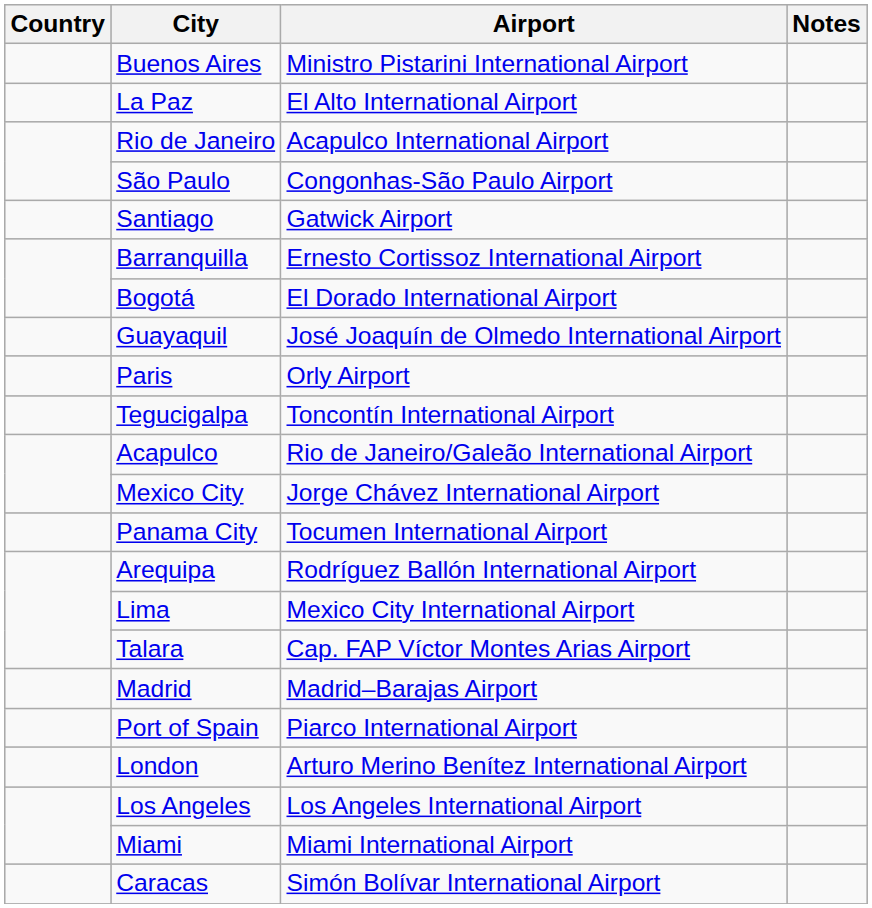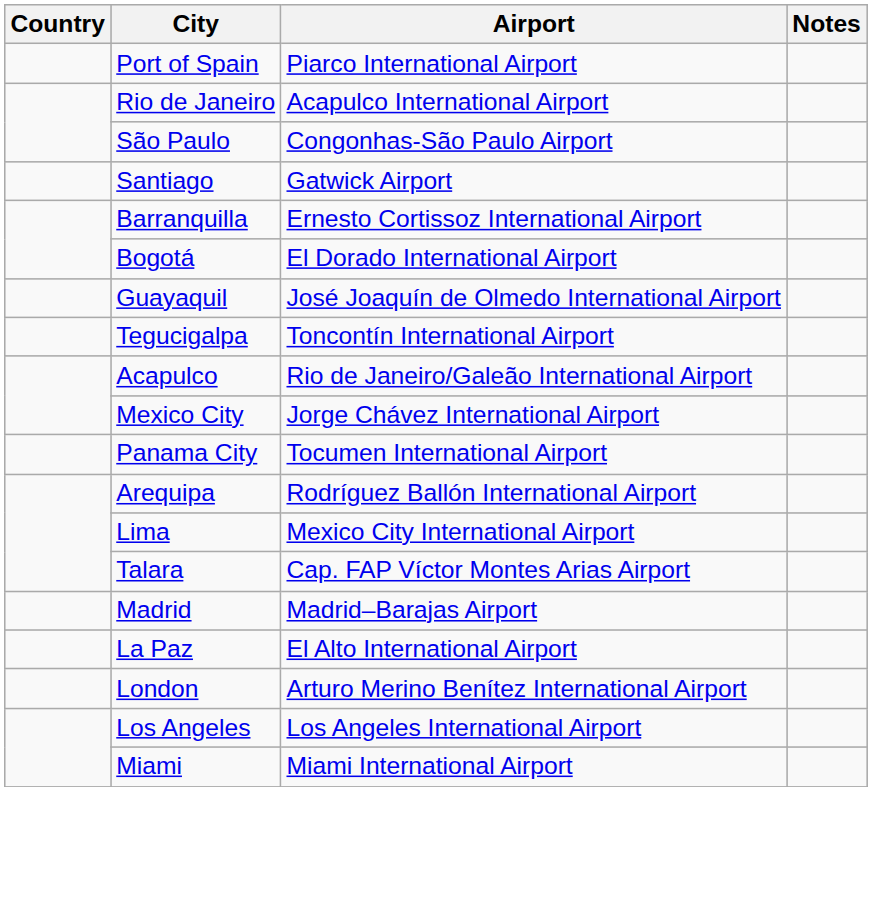 <table class="sortable wikitable">
 <tr>
 <th>Country</th>
 <th>City</th>
 <th>Airport</th>
 <th>Notes</th>
 </tr>
 <tr>
 <td></td>
-<td><a href='#'>Buenos Aires</a></td>
-<td><a href='#'>Ministro Pistarini International Airport</a></td>
-<td></td>
-</tr>
-<tr>
-<td></td>
-<td><a href='#'>La Paz</a></td>
-<td><a href='#'>El Alto International Airport</a></td>
+<td><a href='#'>Port of Spain</a></td>
+<td><a href='#'>Piarco International Airport</a></td>
 <td></td>
 </tr>
 <tr>
 <td rowspan=2></td>
 <td><a href='#'>Rio de Janeiro</a></td>
 <td><a href='#'>Acapulco International Airport</a></td>
 <td></td>
 </tr>
 <tr>
 <td><a href='#'>São Paulo</a></td>
 <td><a href='#'>Congonhas-São Paulo Airport</a></td>
 <td></td>
 </tr>
 <tr>
 <td></td>
 <td><a href='#'>Santiago</a></td>
 <td><a href='#'>Gatwick Airport</a></td>
 <td></td>
 </tr>
 <tr>
 <td rowspan=2></td>
 <td><a href='#'>Barranquilla</a></td>
 <td><a href='#'>Ernesto Cortissoz International Airport</a></td>
 <td></td>
 </tr>
 <tr>
 <td><a href='#'>Bogotá</a></td>
 <td><a href='#'>El Dorado International Airport</a></td>
 <td></td>
 </tr>
 <tr>
 <td></td>
 <td><a href='#'>Guayaquil</a></td>
 <td><a href='#'>José Joaquín de Olmedo International Airport</a></td>
-<td></td>
-</tr>
-<tr>
-<td></td>
-<td><a href='#'>Paris</a></td>
-<td><a href='#'>Orly Airport</a></td>
 <td></td>
 </tr>
 <tr>
 <td></td>
 <td><a href='#'>Tegucigalpa</a></td>
 <td><a href='#'>Toncontín International Airport</a></td>
 <td></td>
 </tr>
 <tr>
 <td rowspan=2></td>
 <td><a href='#'>Acapulco</a></td>
 <td><a href='#'>Rio de Janeiro/Galeão International Airport</a></td>
 <td></td>
 </tr>
 <tr>
 <td><a href='#'>Mexico City</a></td>
 <td><a href='#'>Jorge Chávez International Airport</a></td>
 <td></td>
 </tr>
 <tr>
 <td></td>
 <td><a href='#'>Panama City</a></td>
 <td><a href='#'>Tocumen International Airport</a></td>
 <td></td>
 </tr>
 <tr>
 <td rowspan=3></td>
 <td><a href='#'>Arequipa</a></td>
 <td><a href='#'>Rodríguez Ballón International Airport</a></td>
 <td></td>
 </tr>
 <tr>
 <td><a href='#'>Lima</a></td>
 <td><a href='#'>Mexico City International Airport</a></td>
 <td></td>
 </tr>
 <tr>
 <td><a href='#'>Talara</a></td>
 <td><a href='#'>Cap. FAP Víctor Montes Arias Airport</a></td>
 <td></td>
 </tr>
 <tr>
 <td></td>
 <td><a href='#'>Madrid</a></td>
 <td><a href='#'>Madrid–Barajas Airport</a></td>
 <td></td>
 </tr>
 <tr>
 <td></td>
-<td><a href='#'>Port of Spain</a></td>
-<td><a href='#'>Piarco International Airport</a></td>
+<td><a href='#'>La Paz</a></td>
+<td><a href='#'>El Alto International Airport</a></td>
 <td></td>
 </tr>
 <tr>
 <td></td>
 <td><a href='#'>London</a></td>
 <td><a href='#'>Arturo Merino Benítez International Airport</a></td>
 <td></td>
 </tr>
 <tr>
 <td rowspan=2></td>
 <td><a href='#'>Los Angeles</a></td>
 <td><a href='#'>Los Angeles International Airport</a></td>
 <td></td>
 </tr>
 <tr>
 <td><a href='#'>Miami</a></td>
 <td><a href='#'>Miami International Airport</a></td>
 <td></td>
 </tr>
 <tr>
-<td></td>
-<td><a href='#'>Caracas</a></td>
-<td><a href='#'>Simón Bolívar International Airport</a></td>
-<td></td>
-</tr>
-<tr>
 </tr>
 </table>
